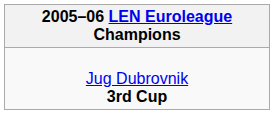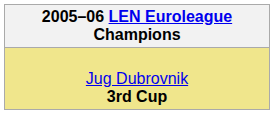 <table class="wikitable" style="margin: 0 auto; width: 30%;">
 <tr>
 <th>2005–06 <a href='#'>LEN Euroleague</a><br>Champions</th>
 </tr>
 <tr>
-<td align=center><br><a href='#'>Jug Dubrovnik</a><br><strong>3rd Cup</strong></td>
+<td align=center style="background: khaki;"><br><a href='#'>Jug Dubrovnik</a><br><strong>3rd Cup</strong></td>
 </tr>
 </table>
